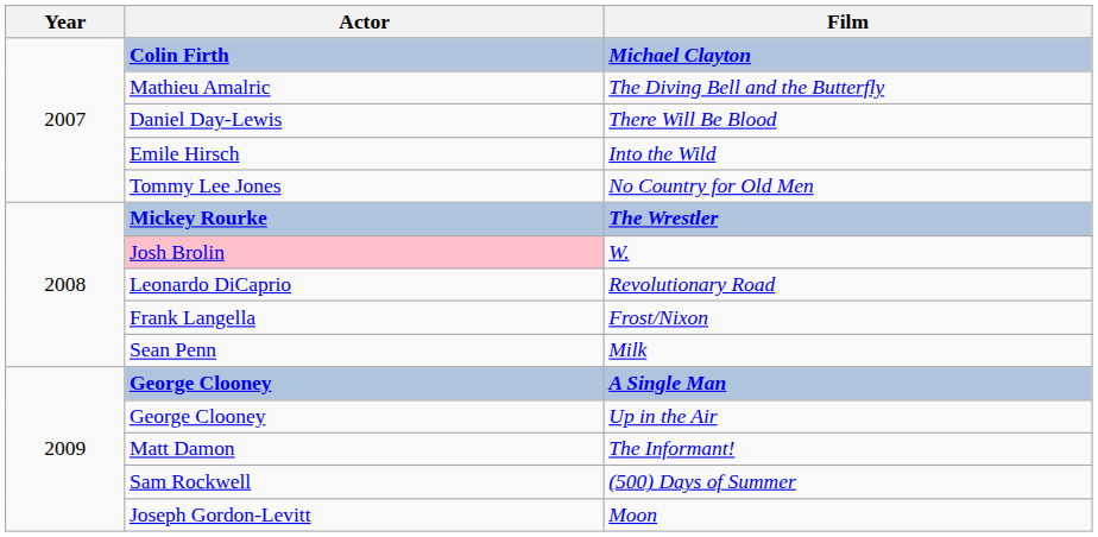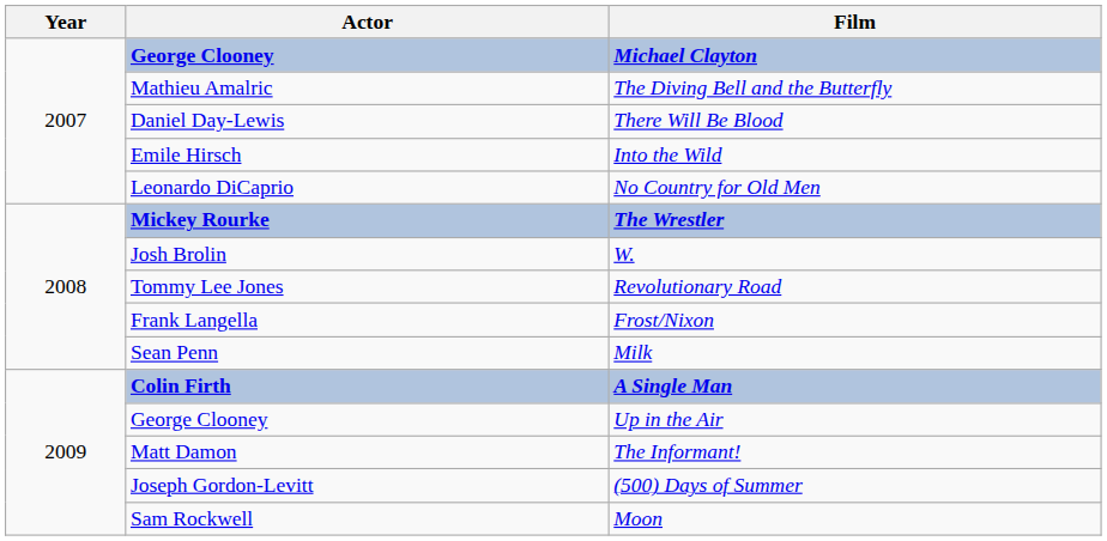 <table class="wikitable" width="95%" cellpadding="5">
 <tr>
 <th width="100"><strong>Year</strong></th>
 <th width="450"><strong>Actor</strong></th>
 <th width="450"><strong>Film</strong></th>
 </tr>
 <tr>
 <td rowspan=5 style="text-align:center;">2007</td>
-<td style="background:#B0C4DE;"><strong><a href='#'>Colin Firth</a></strong></td>
+<td style="background:#B0C4DE;"><strong><a href='#'>George Clooney</a></strong></td>
 <td style="background:#B0C4DE;"><strong><em><a href='#'>Michael Clayton</a></em></strong></td>
 </tr>
 <tr>
 <td><a href='#'>Mathieu Amalric</a></td>
 <td><em><a href='#'>The Diving Bell and the Butterfly</a></em></td>
 </tr>
 <tr>
 <td><a href='#'>Daniel Day-Lewis</a></td>
 <td><em><a href='#'>There Will Be Blood</a></em></td>
 </tr>
 <tr>
 <td><a href='#'>Emile Hirsch</a></td>
 <td><em><a href='#'>Into the Wild</a></em></td>
 </tr>
 <tr>
-<td><a href='#'>Tommy Lee Jones</a></td>
+<td><a href='#'>Leonardo DiCaprio</a></td>
 <td><em><a href='#'>No Country for Old Men</a></em></td>
 </tr>
 <tr>
 <td rowspan=5 style="text-align:center;">2008</td>
 <td style="background:#B0C4DE;"><strong><a href='#'>Mickey Rourke</a></strong></td>
 <td style="background:#B0C4DE;"><strong><em><a href='#'>The Wrestler</a></em></strong></td>
 </tr>
 <tr>
-<td style="background: pink;"><a href='#'>Josh Brolin</a></td>
+<td><a href='#'>Josh Brolin</a></td>
 <td><em><a href='#'>W.</a></em></td>
 </tr>
 <tr>
-<td><a href='#'>Leonardo DiCaprio</a></td>
+<td><a href='#'>Tommy Lee Jones</a></td>
 <td><em><a href='#'>Revolutionary Road</a></em></td>
 </tr>
 <tr>
 <td><a href='#'>Frank Langella</a></td>
 <td><em><a href='#'>Frost/Nixon</a></em></td>
 </tr>
 <tr>
 <td><a href='#'>Sean Penn</a></td>
 <td><em><a href='#'>Milk</a></em></td>
 </tr>
 <tr>
 <td rowspan=5 style="text-align:center;">2009</td>
-<td style="background:#B0C4DE;"><strong><a href='#'>George Clooney</a></strong></td>
+<td style="background:#B0C4DE;"><strong><a href='#'>Colin Firth</a></strong></td>
 <td style="background:#B0C4DE;"><strong><em><a href='#'>A Single Man</a></em></strong></td>
 </tr>
 <tr>
 <td><a href='#'>George Clooney</a></td>
 <td><em><a href='#'>Up in the Air</a></em></td>
 </tr>
 <tr>
 <td><a href='#'>Matt Damon</a></td>
 <td><em><a href='#'>The Informant!</a></em></td>
 </tr>
 <tr>
-<td><a href='#'>Sam Rockwell</a></td>
+<td><a href='#'>Joseph Gordon-Levitt</a></td>
 <td><em><a href='#'>(500) Days of Summer</a></em></td>
 </tr>
 <tr>
-<td><a href='#'>Joseph Gordon-Levitt</a></td>
+<td><a href='#'>Sam Rockwell</a></td>
 <td><em><a href='#'>Moon</a></em></td>
 </tr>
 </table>
